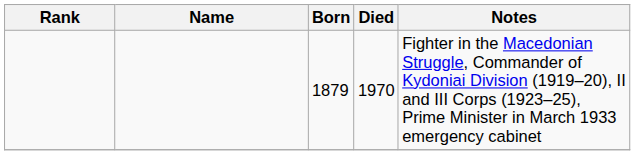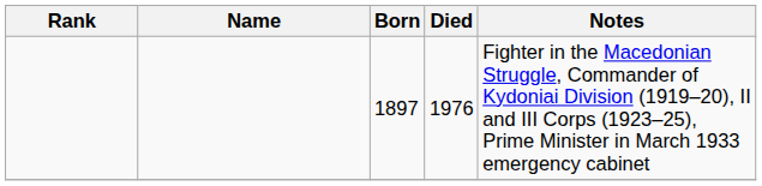 <table class="wikitable sortable">
 <tr>
 <th width="100">Rank</th>
 <th width="180">Name</th>
 <th width="30">Born</th>
 <th width="30">Died</th>
 <th>Notes</th>
 </tr>
 <tr>
 <td></td>
 <td></td>
-<td>1879</td>
-<td>1970</td>
+<td>1897</td>
+<td>1976</td>
 <td>Fighter in the <a href='#'>Macedonian Struggle</a>, Commander of <a href='#'>Kydoniai Division</a> (1919–20), II and III Corps (1923–25), Prime Minister in March 1933 emergency cabinet</td>
 </tr>
 <tr>
 </tr>
 </table>
